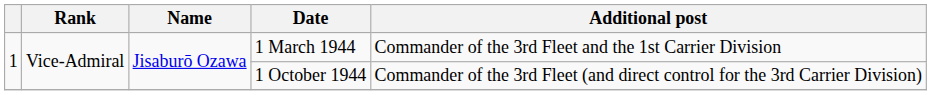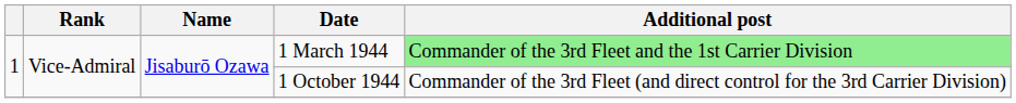 <table class=wikitable>
 <tr>
 <th></th>
 <th>Rank</th>
 <th>Name</th>
 <th>Date</th>
 <th>Additional post</th>
 </tr>
 <tr>
 <td rowspan="2">1</td>
 <td rowspan="2">Vice-Admiral</td>
 <td rowspan="2"><a href='#'>Jisaburō Ozawa</a></td>
 <td>1 March 1944</td>
-<td>Commander of the 3rd Fleet and the 1st Carrier Division</td>
+<td style="background: lightgreen;">Commander of the 3rd Fleet and the 1st Carrier Division</td>
 </tr>
 <tr>
 <td>1 October 1944</td>
 <td>Commander of the 3rd Fleet (and direct control for the 3rd Carrier Division)</td>
 </tr>
 <tr>
 </tr>
 </table>
